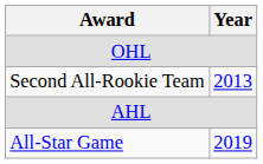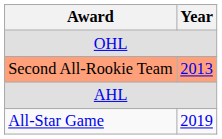 <table class="wikitable">
 <tr>
 <th>Award</th>
 <th>Year</th>
 </tr>
 <tr ALIGN="center" bgcolor="#e0e0e0">
 <td colspan="2"><a href='#'>OHL</a></td>
 </tr>
 <tr>
-<td>Second All-Rookie Team</td>
-<td><a href='#'>2013</a></td>
+<td style="background: lightsalmon;">Second All-Rookie Team</td>
+<td style="background: lightsalmon;"><a href='#'>2013</a></td>
 </tr>
 <tr ALIGN="center" bgcolor="#e0e0e0">
 <td colspan="2"><a href='#'>AHL</a></td>
 </tr>
 <tr>
 <td><a href='#'>All-Star Game</a></td>
 <td><a href='#'>2019</a></td>
 </tr>
 </table>
